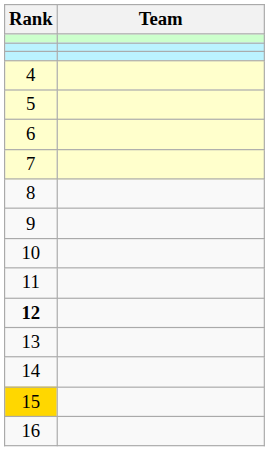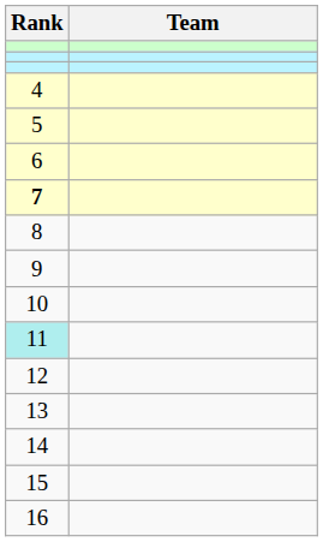 <table class="wikitable">
 <tr>
 <th>Rank</th>
 <th width=170>Team</th>
 </tr>
 <tr bgcolor=#ccffcc>
 <td align=center></td>
 <td></td>
 </tr>
 <tr bgcolor="#bbf3ff">
 <td align=center></td>
 <td></td>
 </tr>
 <tr bgcolor="#bbf3ff">
 <td align=center></td>
 <td></td>
 </tr>
 <tr bgcolor=#ffffcc>
 <td align=center>4</td>
 <td></td>
 </tr>
 <tr bgcolor=#ffffcc>
 <td align=center>5</td>
 <td></td>
 </tr>
 <tr bgcolor=#ffffcc>
 <td align=center>6</td>
 <td></td>
 </tr>
 <tr bgcolor=#ffffcc>
-<td align=center>7</td>
+<td align=center><strong>7</strong></td>
 <td></td>
 </tr>
 <tr>
 <td align=center>8</td>
 <td></td>
 </tr>
 <tr>
 <td align=center>9</td>
 <td></td>
 </tr>
 <tr>
 <td align=center>10</td>
 <td></td>
 </tr>
 <tr>
-<td align=center>11</td>
+<td align=center style="background: paleturquoise;">11</td>
 <td></td>
 </tr>
 <tr>
-<td align=center><strong>12</strong></td>
+<td align=center>12</td>
 <td></td>
 </tr>
 <tr>
 <td align=center>13</td>
 <td></td>
 </tr>
 <tr>
 <td align=center>14</td>
 <td></td>
 </tr>
 <tr>
-<td align=center style="background: gold;">15</td>
+<td align=center>15</td>
 <td></td>
 </tr>
 <tr>
 <td align=center>16</td>
 <td></td>
 </tr>
 </table>
